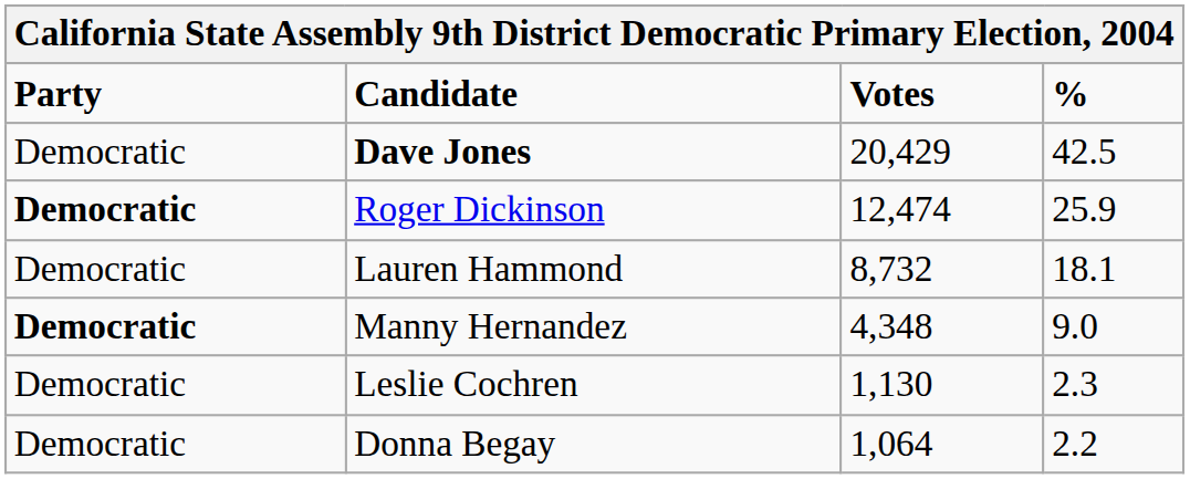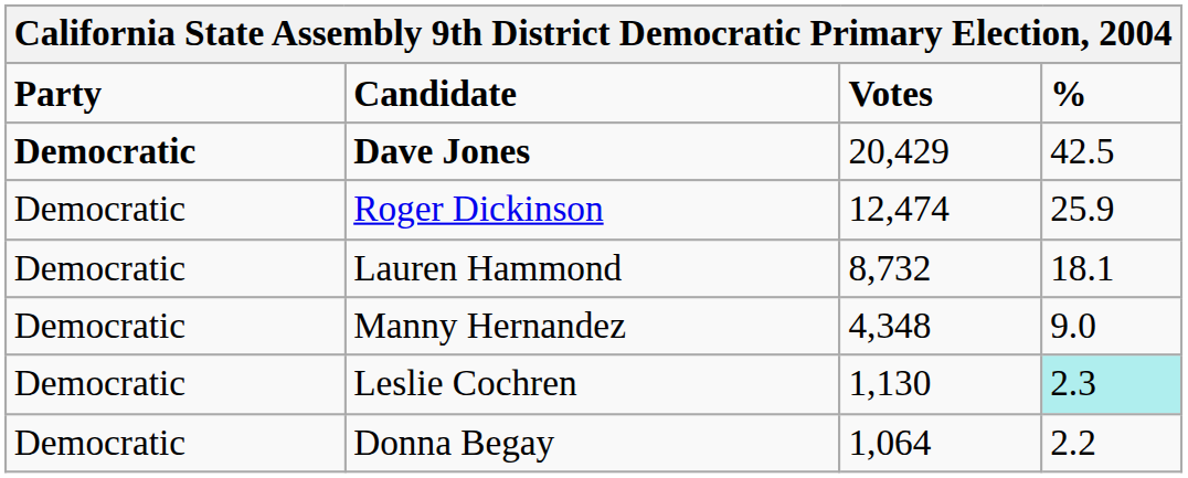 <table class="wikitable">
 <tr>
 <th colspan="4">California State Assembly 9th District Democratic Primary Election, 2004</th>
 </tr>
 <tr>
 <td><strong>Party</strong></td>
 <td><strong>Candidate</strong></td>
 <td><strong>Votes</strong></td>
 <td><strong>%</strong></td>
 </tr>
 <tr>
-<td>Democratic</td>
+<td><strong>Democratic</strong></td>
 <td><strong>Dave Jones</strong></td>
 <td>20,429</td>
 <td>42.5</td>
 </tr>
 <tr>
-<td><strong>Democratic</strong></td>
+<td>Democratic</td>
 <td><a href='#'>Roger Dickinson</a></td>
 <td>12,474</td>
 <td>25.9</td>
 </tr>
 <tr>
 <td>Democratic</td>
 <td>Lauren Hammond</td>
 <td>8,732</td>
 <td>18.1</td>
 </tr>
 <tr>
-<td><strong>Democratic</strong></td>
+<td>Democratic</td>
 <td>Manny Hernandez</td>
 <td>4,348</td>
 <td>9.0</td>
 </tr>
 <tr>
 <td>Democratic</td>
 <td>Leslie Cochren</td>
 <td>1,130</td>
-<td>2.3</td>
+<td style="background: paleturquoise;">2.3</td>
 </tr>
 <tr>
 <td>Democratic</td>
 <td>Donna Begay</td>
 <td>1,064</td>
 <td>2.2</td>
 </tr>
 </table>
